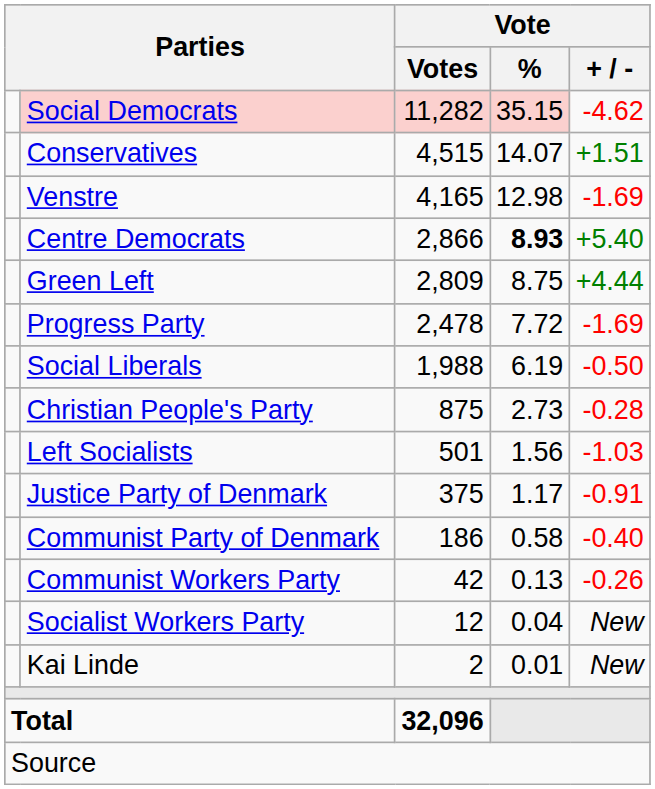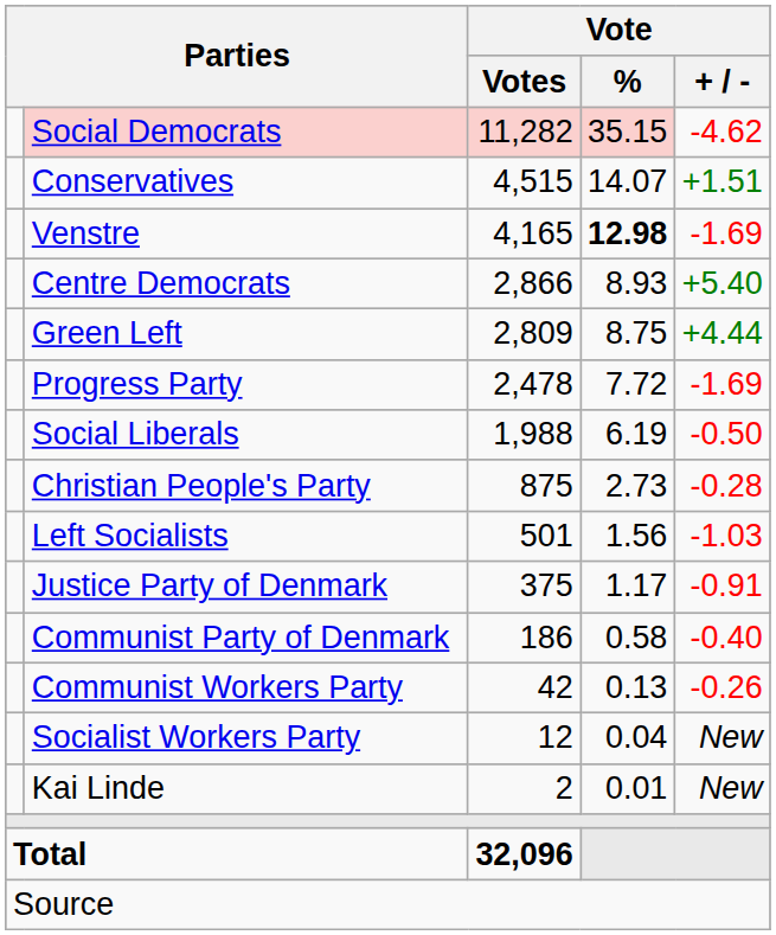 <table class="wikitable" style="text-align:right;">
 <tr>
 <th style="text-align:centre;" rowspan="2" colspan="2" width="225">Parties</th>
 <th colspan="3">Vote</th>
 </tr>
 <tr>
 <th width="15">Votes</th>
 <th width="15">%</th>
 <th width="15">+ / -</th>
 </tr>
 <tr>
 <td width="2" style="color:inherit;background:"></td>
 <td bgcolor=#fbd0ce  align="left"><a href='#'>Social Democrats</a></td>
 <td bgcolor=#fbd0ce>11,282</td>
 <td bgcolor=#fbd0ce>35.15</td>
 <td style=color:red;>-4.62</td>
 </tr>
 <tr>
 <td width="2" style="color:inherit;background:"></td>
 <td align="left"><a href='#'>Conservatives</a></td>
 <td>4,515</td>
 <td>14.07</td>
 <td style=color:green;>+1.51</td>
 </tr>
 <tr>
 <td width="2" style="color:inherit;background:"></td>
 <td align="left"><a href='#'>Venstre</a></td>
 <td>4,165</td>
-<td>12.98</td>
+<td><strong>12.98</strong></td>
 <td style=color:red;>-1.69</td>
 </tr>
 <tr>
 <td width="2" style="color:inherit;background:"></td>
 <td align="left"><a href='#'>Centre Democrats</a></td>
 <td>2,866</td>
-<td><strong>8.93</strong></td>
+<td>8.93</td>
 <td style=color:green;>+5.40</td>
 </tr>
 <tr>
 <td width="2" style="color:inherit;background:"></td>
 <td align="left"><a href='#'>Green Left</a></td>
 <td>2,809</td>
 <td>8.75</td>
 <td style=color:green;>+4.44</td>
 </tr>
 <tr>
 <td width="2" style="color:inherit;background:"></td>
 <td align="left"><a href='#'>Progress Party</a></td>
 <td>2,478</td>
 <td>7.72</td>
 <td style=color:red;>-1.69</td>
 </tr>
 <tr>
 <td width="2" style="color:inherit;background:"></td>
 <td align="left"><a href='#'>Social Liberals</a></td>
 <td>1,988</td>
 <td>6.19</td>
 <td style=color:red;>-0.50</td>
 </tr>
 <tr>
 <td width="2" style="color:inherit;background:"></td>
 <td align="left"><a href='#'>Christian People's Party</a></td>
 <td>875</td>
 <td>2.73</td>
 <td style=color:red;>-0.28</td>
 </tr>
 <tr>
 <td width="2" style="color:inherit;background:"></td>
 <td align="left"><a href='#'>Left Socialists</a></td>
 <td>501</td>
 <td>1.56</td>
 <td style=color:red;>-1.03</td>
 </tr>
 <tr>
 <td width="2" style="color:inherit;background:"></td>
 <td align="left"><a href='#'>Justice Party of Denmark</a></td>
 <td>375</td>
 <td>1.17</td>
 <td style=color:red;>-0.91</td>
 </tr>
 <tr>
 <td width="2" style="color:inherit;background:"></td>
 <td align="left"><a href='#'>Communist Party of Denmark</a></td>
 <td>186</td>
 <td>0.58</td>
 <td style=color:red;>-0.40</td>
 </tr>
 <tr>
 <td width="2" style="color:inherit;background:"></td>
 <td align="left"><a href='#'>Communist Workers Party</a></td>
 <td>42</td>
 <td>0.13</td>
 <td style=color:red;>-0.26</td>
 </tr>
 <tr>
 <td width="2" style="color:inherit;background:"></td>
 <td align="left"><a href='#'>Socialist Workers Party</a></td>
 <td>12</td>
 <td>0.04</td>
 <td><em>New</em></td>
 </tr>
 <tr>
 <td width="2" style="color:inherit;background:"></td>
 <td align="left">Kai Linde</td>
 <td>2</td>
 <td>0.01</td>
 <td><em>New</em></td>
 </tr>
 <tr>
 <td colspan="7" bgcolor="#E9E9E9"></td>
 </tr>
 <tr>
 <td align="left" colspan="2"><strong>Total</strong></td>
 <td><strong>32,096</strong></td>
 <td bgcolor="#E9E9E9" colspan="2"></td>
 </tr>
 <tr>
 <td align="left" colspan="6">Source</td>
 </tr>
 </table>
